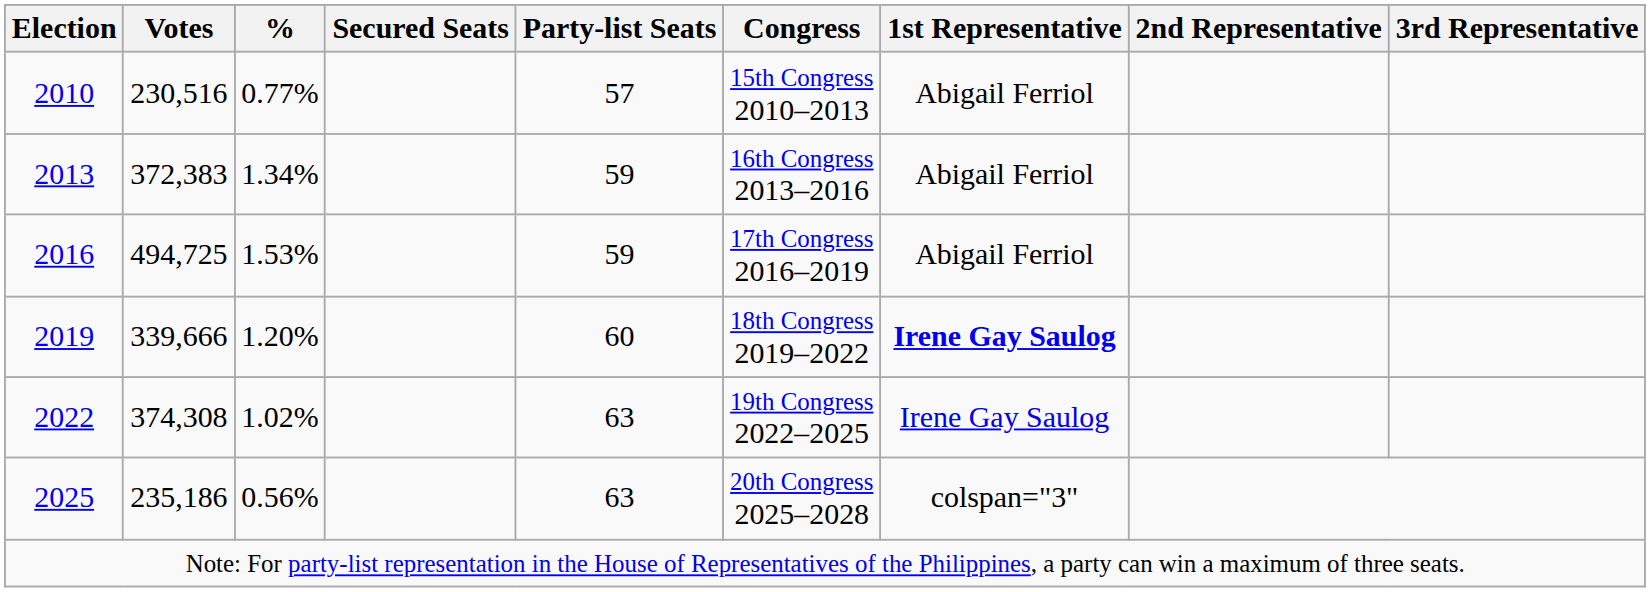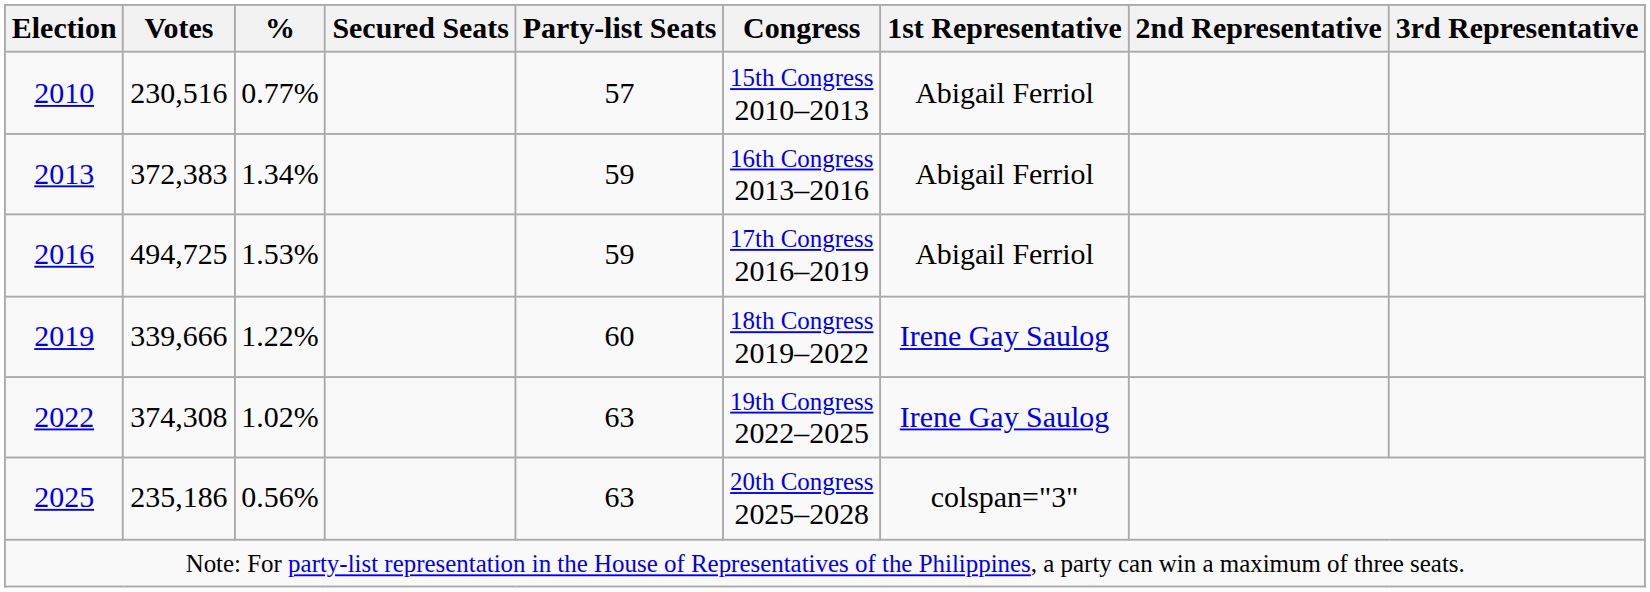 <table class="wikitable" style="text-align:center">
 <tr>
 <th>Election</th>
 <th>Votes</th>
 <th>%</th>
 <th>Secured Seats</th>
 <th>Party-list Seats</th>
 <th>Congress</th>
 <th>1st Representative</th>
 <th>2nd Representative</th>
 <th>3rd Representative</th>
 </tr>
 <tr>
 <td><a href='#'>2010</a></td>
 <td>230,516</td>
 <td>0.77%</td>
 <td></td>
 <td>57</td>
 <td><small><a href='#'>15th Congress</a></small><br>2010–2013</td>
 <td>Abigail Ferriol</td>
 <td></td>
 <td></td>
 </tr>
 <tr>
 <td><a href='#'>2013</a></td>
 <td>372,383</td>
 <td>1.34%</td>
 <td></td>
 <td>59</td>
 <td><small><a href='#'>16th Congress</a></small><br>2013–2016</td>
 <td>Abigail Ferriol</td>
 <td></td>
 <td></td>
 </tr>
 <tr>
 <td><a href='#'>2016</a></td>
 <td>494,725</td>
 <td>1.53%</td>
 <td></td>
 <td>59</td>
 <td><small><a href='#'>17th Congress</a></small><br>2016–2019</td>
 <td>Abigail Ferriol</td>
 <td></td>
 <td></td>
 </tr>
 <tr>
 <td><a href='#'>2019</a></td>
 <td>339,666</td>
-<td>1.20%</td>
+<td>1.22%</td>
 <td></td>
 <td>60</td>
 <td><small><a href='#'>18th Congress</a></small><br>2019–2022</td>
-<td><strong><a href='#'>Irene Gay Saulog</a></strong></td>
+<td><a href='#'>Irene Gay Saulog</a></td>
 <td></td>
 <td></td>
 </tr>
 <tr>
 <td><a href='#'>2022</a></td>
 <td>374,308</td>
 <td>1.02%</td>
 <td></td>
 <td>63</td>
 <td><small><a href='#'>19th Congress</a></small><br>2022–2025</td>
 <td><a href='#'>Irene Gay Saulog</a></td>
 <td></td>
 <td></td>
 </tr>
 <tr>
 <td><a href='#'>2025</a></td>
 <td>235,186</td>
 <td>0.56%</td>
 <td></td>
 <td>63</td>
 <td><small><a href='#'>20th Congress</a></small><br>2025–2028</td>
 <td>colspan="3" </td>
 </tr>
 <tr>
 <td colspan="9"><small>Note: For <a href='#'>party-list representation in the House of Representatives of the Philippines</a>, a party can win a maximum of three seats.</small></td>
 </tr>
 </table>
